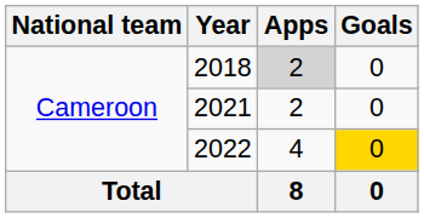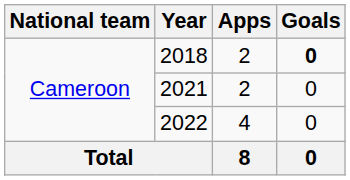 <table class="wikitable" style="text-align:center">
 <tr>
 <th>National team</th>
 <th>Year</th>
 <th>Apps</th>
 <th>Goals</th>
 </tr>
 <tr>
 <td rowspan="3"><a href='#'>Cameroon</a></td>
 <td>2018</td>
-<td style="background: lightgrey;">2</td>
-<td>0</td>
+<td>2</td>
+<td><strong>0</strong></td>
 </tr>
 <tr>
 <td>2021</td>
 <td>2</td>
 <td>0</td>
 </tr>
 <tr>
 <td>2022</td>
 <td>4</td>
-<td style="background: gold;">0</td>
+<td>0</td>
 </tr>
 <tr>
 <th colspan="2">Total</th>
 <th>8</th>
 <th>0</th>
 </tr>
 </table>
